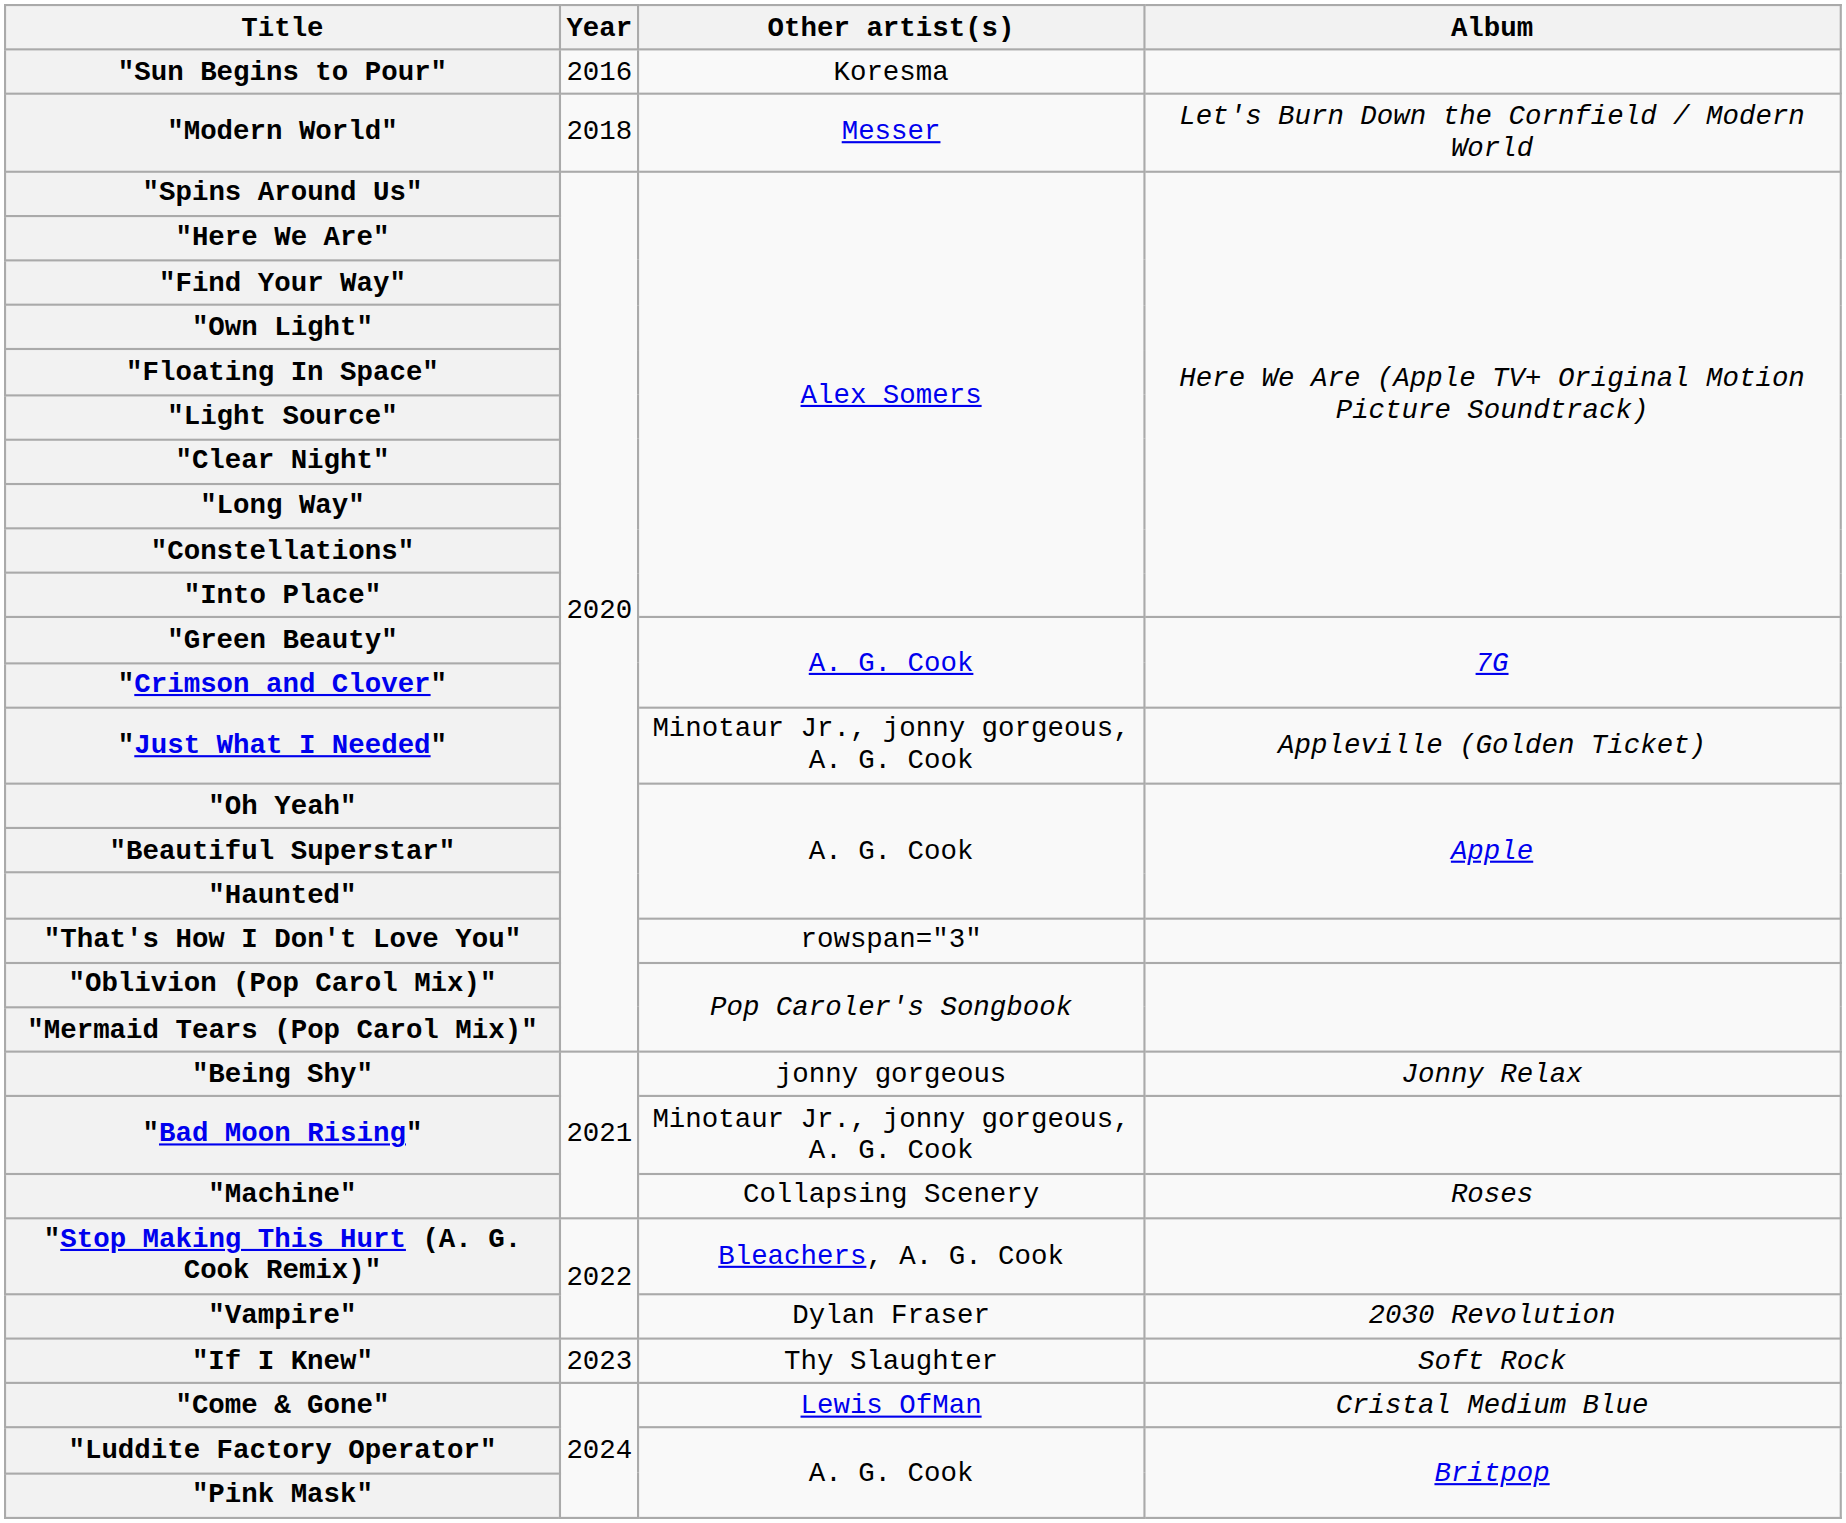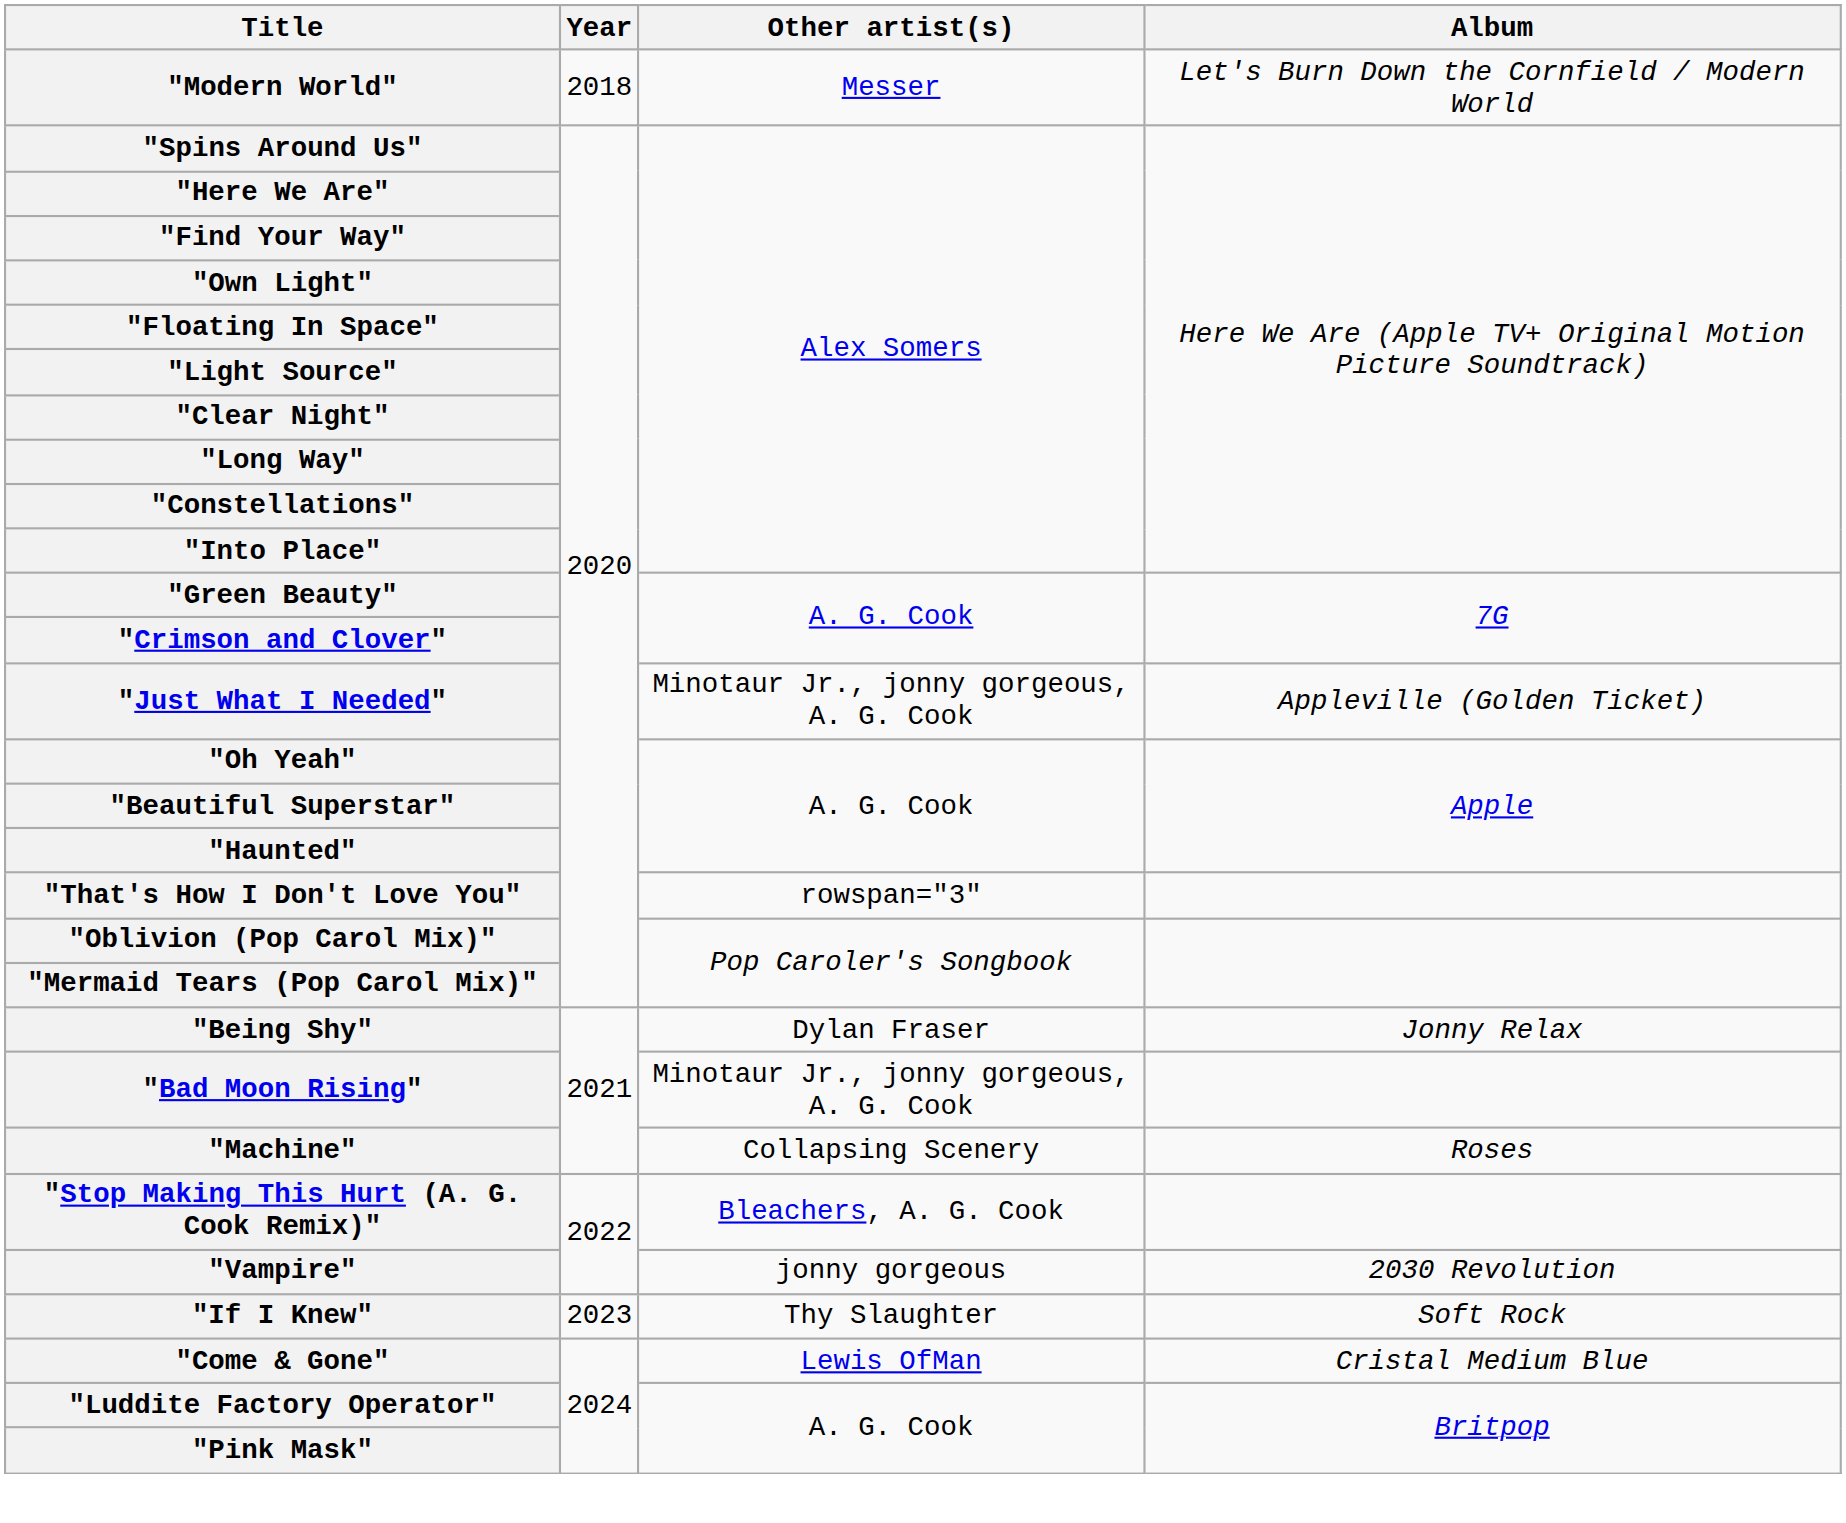 <table class="wikitable plainrowheaders" style="text-align:center">
 <tr>
 <th scope="col">Title</th>
 <th scope="col">Year</th>
 <th scope="col">Other artist(s)</th>
 <th scope="col">Album</th>
-</tr>
-<tr>
-<th scope="row">"Sun Begins to Pour"</th>
-<td>2016</td>
-<td>Koresma</td>
-<td></td>
 </tr>
 <tr>
 <th scope="row">"Modern World"</th>
 <td>2018</td>
 <td><a href='#'>Messer</a></td>
 <td><em>Let's Burn Down the Cornfield / Modern World</em></td>
 </tr>
 <tr>
 <th scope="row">"Spins Around Us"</th>
 <td rowspan="19">2020</td>
 <td rowspan="10"><a href='#'>Alex Somers</a></td>
 <td rowspan="10"><em>Here We Are (Apple TV+ Original Motion Picture Soundtrack)</em></td>
 </tr>
 <tr>
 <th scope="row">"Here We Are"</th>
 </tr>
 <tr>
 <th scope="row">"Find Your Way"</th>
 </tr>
 <tr>
 <th scope="row">"Own Light"</th>
 </tr>
 <tr>
 <th scope="row">"Floating In Space"</th>
 </tr>
 <tr>
 <th scope="row">"Light Source"</th>
 </tr>
 <tr>
 <th scope="row">"Clear Night"</th>
 </tr>
 <tr>
 <th scope="row">"Long Way"</th>
 </tr>
 <tr>
 <th scope="row">"Constellations"</th>
 </tr>
 <tr>
 <th scope="row">"Into Place"</th>
 </tr>
 <tr>
 <th scope="row">"Green Beauty"</th>
 <td rowspan="2"><a href='#'>A. G. Cook</a></td>
 <td rowspan="2"><em><a href='#'>7G</a></em></td>
 </tr>
 <tr>
 <th scope="row">"<a href='#'>Crimson and Clover</a>"</th>
 </tr>
 <tr>
 <th scope="row">"<a href='#'>Just What I Needed</a>"</th>
 <td>Minotaur Jr., jonny gorgeous, A. G. Cook</td>
 <td><em>Appleville (Golden Ticket)</em></td>
 </tr>
 <tr>
 <th scope="row">"Oh Yeah"</th>
 <td rowspan="3">A. G. Cook</td>
 <td rowspan="3"><em><a href='#'>Apple</a></em></td>
 </tr>
 <tr>
 <th scope="row">"Beautiful Superstar"</th>
 </tr>
 <tr>
 <th scope="row">"Haunted"</th>
 </tr>
 <tr>
 <th scope="row">"That's How I Don't Love You"</th>
 <td>rowspan="3" </td>
 <td></td>
 </tr>
 <tr>
 <th scope="row">"Oblivion (Pop Carol Mix)"</th>
 <td rowspan="2"><em>Pop Caroler's Songbook</em></td>
 </tr>
 <tr>
 <th scope="row">"Mermaid Tears (Pop Carol Mix)"</th>
 </tr>
 <tr>
 <th scope="row">"Being Shy"</th>
 <td rowspan="3">2021</td>
-<td>jonny gorgeous</td>
+<td>Dylan Fraser</td>
 <td><em>Jonny Relax</em></td>
 </tr>
 <tr>
 <th scope="row">"<a href='#'>Bad Moon Rising</a>"</th>
 <td>Minotaur Jr., jonny gorgeous, A. G. Cook</td>
 <td></td>
 </tr>
 <tr>
 <th scope="row">"Machine"</th>
 <td>Collapsing Scenery</td>
 <td><em>Roses</em></td>
 </tr>
 <tr>
 <th scope="row">"<a href='#'>Stop Making This Hurt</a> (A. G. Cook Remix)"</th>
 <td rowspan="2">2022</td>
 <td><a href='#'>Bleachers</a>, A. G. Cook</td>
 <td></td>
 </tr>
 <tr>
 <th scope="row">"Vampire"</th>
-<td>Dylan Fraser</td>
+<td>jonny gorgeous</td>
 <td><em>2030 Revolution</em></td>
 </tr>
 <tr>
 <th scope="row">"If I Knew"</th>
 <td>2023</td>
 <td>Thy Slaughter</td>
 <td><em>Soft Rock</em></td>
 </tr>
 <tr>
 <th scope="row">"Come & Gone"</th>
 <td rowspan="3">2024</td>
 <td><a href='#'>Lewis OfMan</a></td>
 <td><em>Cristal Medium Blue</em></td>
 </tr>
 <tr>
 <th scope="row">"Luddite Factory Operator"</th>
 <td rowspan="2">A. G. Cook</td>
 <td rowspan="2"><em><a href='#'>Britpop</a></em></td>
 </tr>
 <tr>
 <th scope="row">"Pink Mask"</th>
 </tr>
 </table>
